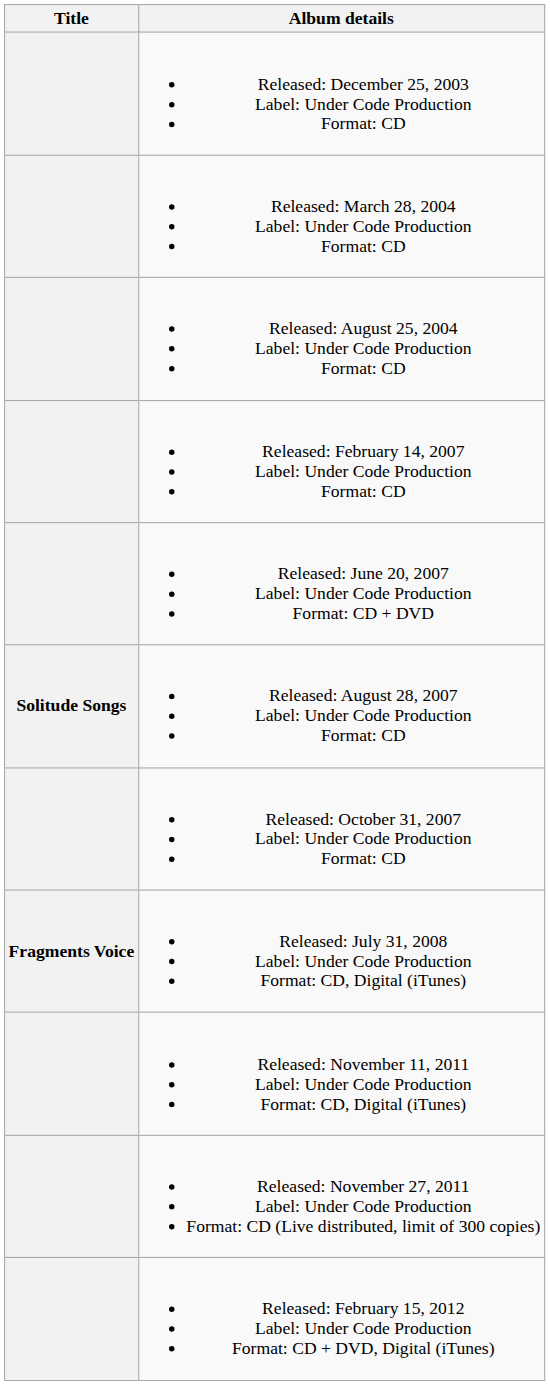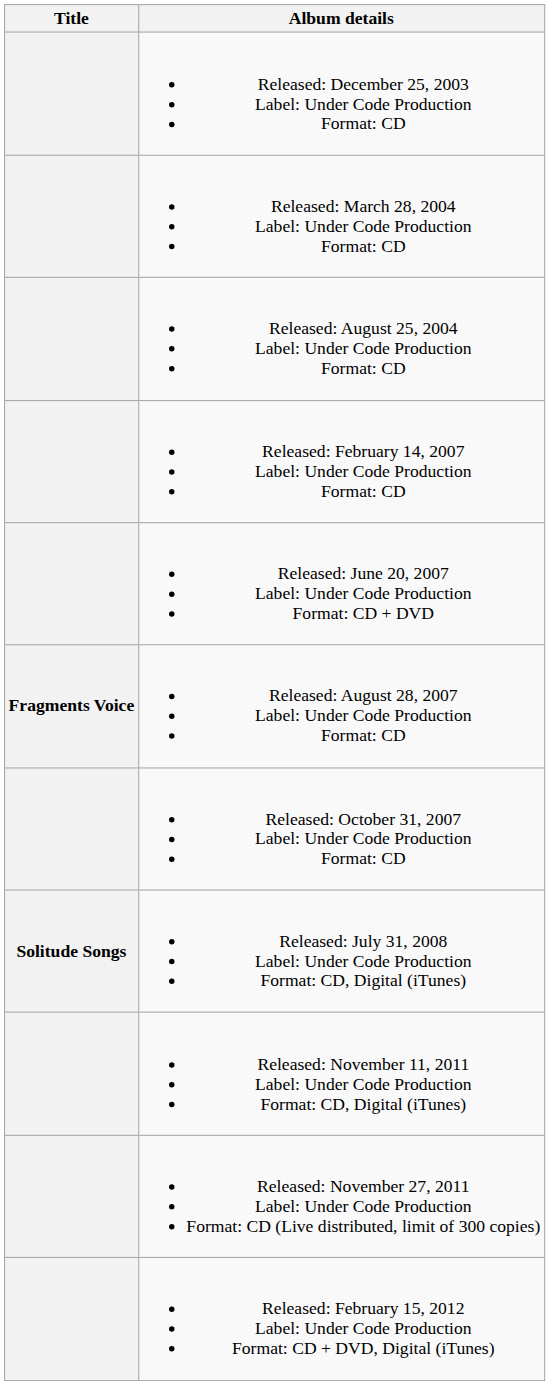 <table class="wikitable" style="text-align:center;" border="1">
 <tr>
 <th scope="col" rowspan="1">Title</th>
 <th scope="col" rowspan="1">Album details</th>
 </tr>
 <tr>
 <th scope="row"></th>
 <td><br><ul><li>Released: December 25, 2003</li><li>Label: Under Code Production</li><li>Format: CD</li></ul></td>
 </tr>
 <tr>
 <th scope="row"></th>
 <td><br><ul><li>Released: March 28, 2004</li><li>Label: Under Code Production</li><li>Format: CD</li></ul></td>
 </tr>
 <tr>
 <th scope="row"></th>
 <td><br><ul><li>Released: August 25, 2004</li><li>Label: Under Code Production</li><li>Format: CD</li></ul></td>
 </tr>
 <tr>
 <th scope="row"></th>
 <td><br><ul><li>Released: February 14, 2007</li><li>Label: Under Code Production</li><li>Format: CD</li></ul></td>
 </tr>
 <tr>
 <th scope="row"></th>
 <td><br><ul><li>Released: June 20, 2007</li><li>Label: Under Code Production</li><li>Format: CD + DVD</li></ul></td>
 </tr>
 <tr>
-<th scope="row">Solitude Songs</th>
+<th scope="row">Fragments Voice</th>
 <td><br><ul><li>Released: August 28, 2007</li><li>Label: Under Code Production</li><li>Format: CD</li></ul></td>
 </tr>
 <tr>
 <th scope="row"></th>
 <td><br><ul><li>Released: October 31, 2007</li><li>Label: Under Code Production</li><li>Format: CD</li></ul></td>
 </tr>
 <tr>
-<th scope="row">Fragments Voice</th>
+<th scope="row">Solitude Songs</th>
 <td><br><ul><li>Released: July 31, 2008</li><li>Label: Under Code Production</li><li>Format: CD, Digital (iTunes)</li></ul></td>
 </tr>
 <tr>
 <th scope="row"></th>
 <td><br><ul><li>Released: November 11, 2011</li><li>Label: Under Code Production</li><li>Format: CD, Digital (iTunes)</li></ul></td>
 </tr>
 <tr>
 <th scope="row"></th>
 <td><br><ul><li>Released: November 27, 2011</li><li>Label: Under Code Production</li><li>Format: CD (Live distributed, limit of 300 copies)</li></ul></td>
 </tr>
 <tr>
 <th scope="row"></th>
 <td><br><ul><li>Released: February 15, 2012</li><li>Label: Under Code Production</li><li>Format: CD + DVD, Digital (iTunes)</li></ul></td>
 </tr>
 <tr>
 </tr>
 </table>
